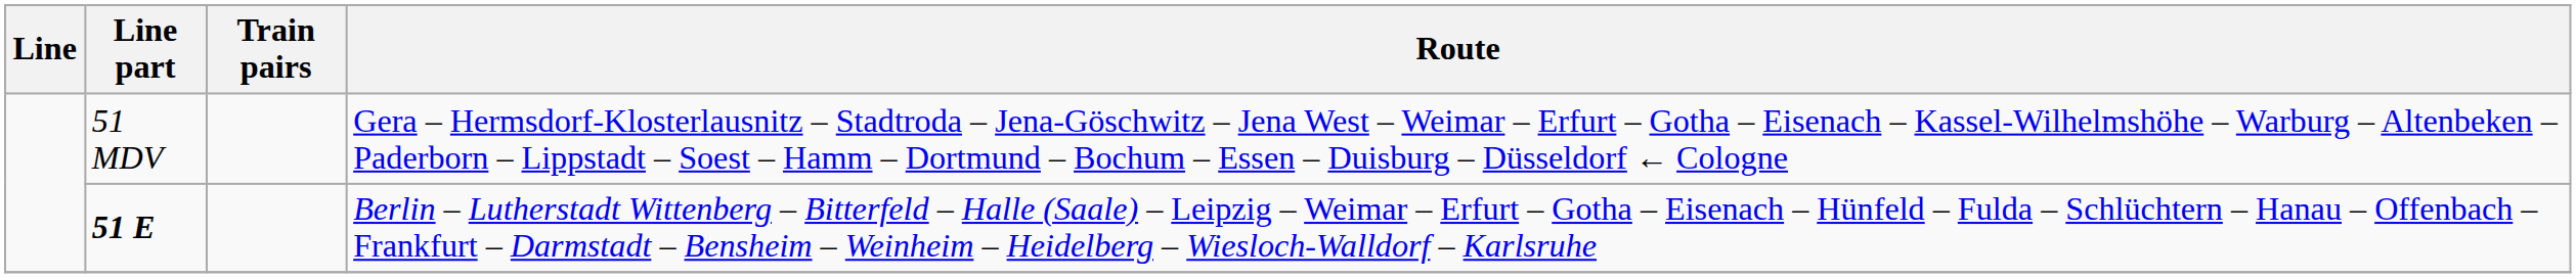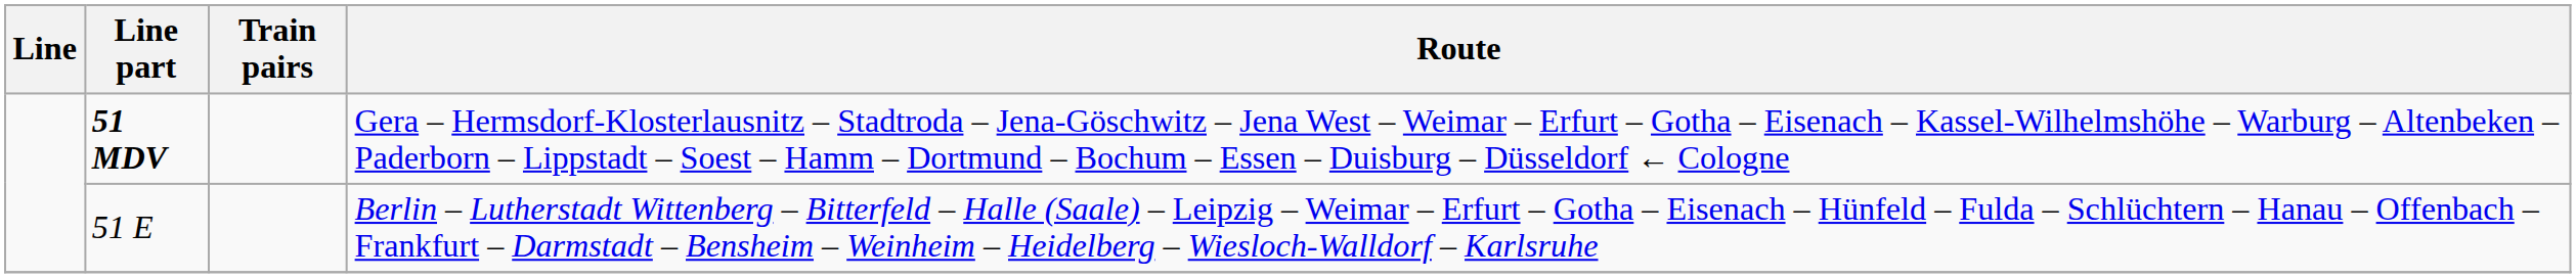 <table class="wikitable">
 <tr>
 <th>Line</th>
 <th>Line part</th>
 <th>Train pairs</th>
 <th colspan="2">Route</th>
 </tr>
 <tr>
 <td rowspan="2"></td>
-<td><em>51 MDV</em></td>
+<td><strong><em>51 MDV</em></strong></td>
 <td><br><br></td>
 <td><a href='#'>Gera</a> – <a href='#'>Hermsdorf-Klosterlausnitz</a> – <a href='#'>Stadtroda</a> – <a href='#'>Jena-Göschwitz</a> – <a href='#'>Jena West</a> – <a href='#'>Weimar</a> – <a href='#'>Erfurt</a> – <a href='#'>Gotha</a> – <a href='#'>Eisenach</a> – <a href='#'>Kassel-Wilhelmshöhe</a> – <a href='#'>Warburg</a> – <a href='#'>Altenbeken</a> – <a href='#'>Paderborn</a> – <a href='#'>Lippstadt</a> – <a href='#'>Soest</a> – <a href='#'>Hamm</a> – <a href='#'>Dortmund</a> – <a href='#'>Bochum</a> – <a href='#'>Essen</a> – <a href='#'>Duisburg</a> – <em></em> <a href='#'>Düsseldorf</a> ← <a href='#'>Cologne</a></td>
 </tr>
 <tr>
-<td><strong><em>51 E</em></strong></td>
+<td><em>51 E</em></td>
 <td><br></td>
 <td><em><a href='#'>Berlin</a> –  <a href='#'>Lutherstadt Wittenberg</a> – <a href='#'>Bitterfeld</a> – <a href='#'>Halle (Saale)</a> – </em><a href='#'>Leipzig</a> – <a href='#'>Weimar</a> – <a href='#'>Erfurt</a> – <a href='#'>Gotha</a> – <a href='#'>Eisenach</a> –  <a href='#'>Hünfeld</a> – <a href='#'>Fulda</a> – <a href='#'>Schlüchtern</a> – <a href='#'>Hanau</a> – <a href='#'>Offenbach</a> – <a href='#'>Frankfurt</a> – <em><a href='#'>Darmstadt</a> – <a href='#'>Bensheim</a> – <a href='#'>Weinheim</a> – <a href='#'>Heidelberg</a> – <a href='#'>Wiesloch-Walldorf</a> –  <a href='#'>Karlsruhe</a></em></td>
 </tr>
 <tr>
 </tr>
 </table>
